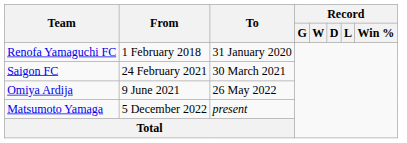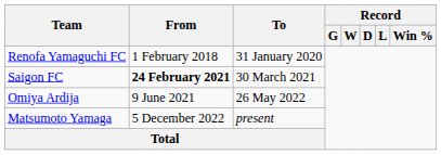 <table class="wikitable" style="text-align: center">
 <tr>
 <th rowspan="2">Team</th>
 <th rowspan="2">From</th>
 <th rowspan="2">To</th>
 <th colspan="5">Record</th>
 </tr>
 <tr>
 <th>G</th>
 <th>W</th>
 <th>D</th>
 <th>L</th>
 <th>Win %</th>
 </tr>
 <tr>
 <td align="left"><a href='#'>Renofa Yamaguchi FC</a></td>
 <td align="left">1 February 2018</td>
 <td align="left">31 January 2020<br></td>
 </tr>
 <tr>
 <td align="left"><a href='#'>Saigon FC</a></td>
-<td align="left">24 February 2021</td>
+<td align="left"><strong>24 February 2021</strong></td>
 <td align="left">30 March 2021<br></td>
 </tr>
 <tr>
 <td align="left"><a href='#'>Omiya Ardija</a></td>
 <td align="left">9 June 2021</td>
 <td align="left">26 May 2022<br></td>
 </tr>
 <tr>
 <td align="left"><a href='#'>Matsumoto Yamaga</a></td>
 <td align="left">5 December 2022</td>
 <td align="left"><em>present</em><br></td>
 </tr>
 <tr>
 <th colspan="3">Total<br></th>
 </tr>
 </table>
